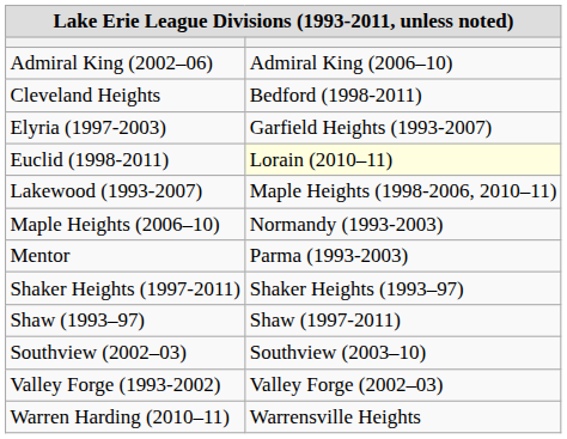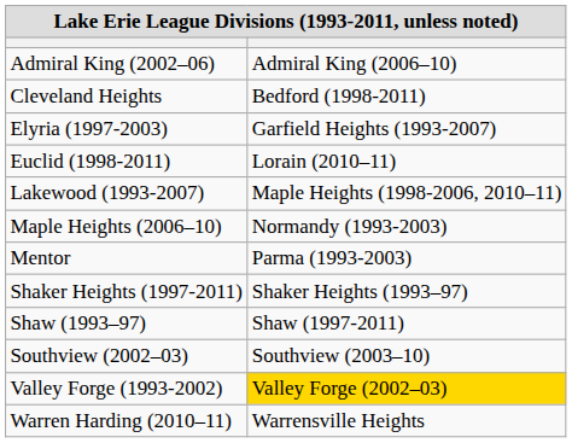 <table class="wikitable">
 <tr>
 <th colspan="4" style="background:#ddd;">Lake Erie League Divisions (1993-2011, unless noted)</th>
 </tr>
 <tr>
 <th></th>
 <th></th>
 </tr>
 <tr>
 <td>Admiral King (2002–06)</td>
 <td>Admiral King (2006–10)</td>
 </tr>
 <tr>
 <td>Cleveland Heights</td>
 <td>Bedford (1998-2011)</td>
 </tr>
 <tr>
 <td>Elyria (1997-2003)</td>
 <td>Garfield Heights (1993-2007)</td>
 </tr>
 <tr>
 <td>Euclid (1998-2011)</td>
-<td style="background: lightyellow;">Lorain (2010–11)</td>
+<td>Lorain (2010–11)</td>
 </tr>
 <tr>
 <td>Lakewood (1993-2007)</td>
 <td>Maple Heights (1998-2006, 2010–11)</td>
 </tr>
 <tr>
 <td>Maple Heights (2006–10)</td>
 <td>Normandy (1993-2003)</td>
 </tr>
 <tr>
 <td>Mentor</td>
 <td>Parma (1993-2003)</td>
 </tr>
 <tr>
 <td>Shaker Heights (1997-2011)</td>
 <td>Shaker Heights (1993–97)</td>
 </tr>
 <tr>
 <td>Shaw (1993–97)</td>
 <td>Shaw (1997-2011)</td>
 </tr>
 <tr>
 <td>Southview (2002–03)</td>
 <td>Southview (2003–10)</td>
 </tr>
 <tr>
 <td>Valley Forge (1993-2002)</td>
-<td>Valley Forge (2002–03)</td>
+<td style="background: gold;">Valley Forge (2002–03)</td>
 </tr>
 <tr>
 <td>Warren Harding (2010–11)</td>
 <td>Warrensville Heights</td>
 </tr>
 </table>
